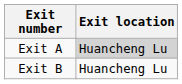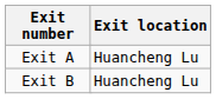 <table class="wikitable">
 <tr>
 <th style="width:70px" colspan="2">Exit number</th>
 <th>Exit location</th>
 </tr>
 <tr>
 <td align="center" colspan="2">Exit A</td>
-<td style="background: lightgrey;">Huancheng Lu</td>
+<td>Huancheng Lu</td>
 </tr>
 <tr>
 <td align="center" colspan="2">Exit B</td>
 <td>Huancheng Lu</td>
 </tr>
 </table>
